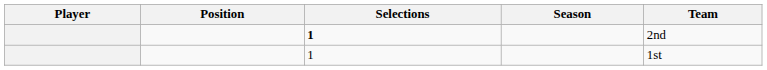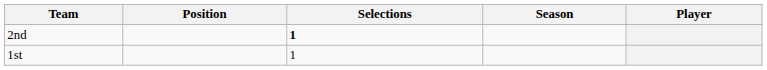 <table class="wikitable sortable" width="75%">
 <tr>
-<th scope="col">Player</th>
+<th scope="col">Team</th>
 <th scope="col">Position</th>
 <th scope="col">Selections</th>
 <th scope="col">Season</th>
-<th scope="col">Team</th>
+<th scope="col">Player</th>
 </tr>
 <tr>
-<th scope="row"></th>
+<td>2nd</td>
 <td></td>
 <td><strong>1</strong></td>
 <td></td>
-<td>2nd</td>
+<th scope="row"></th>
 </tr>
 <tr>
-<th scope="row"></th>
+<td>1st</td>
 <td></td>
 <td>1</td>
 <td></td>
-<td>1st</td>
+<th scope="row"></th>
 </tr>
 </table>
